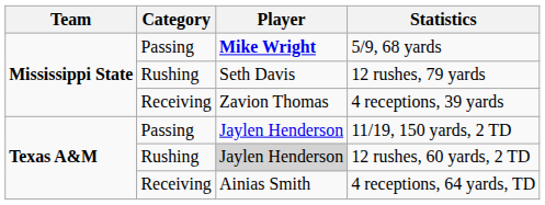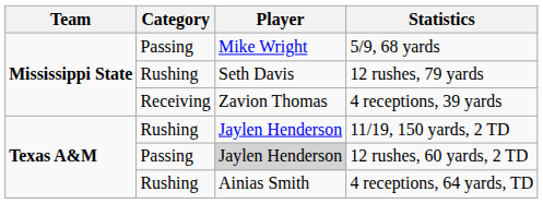 <table class="wikitable" style="float: right;">
 <tr>
 <th>Team</th>
 <th>Category</th>
 <th>Player</th>
 <th>Statistics</th>
 </tr>
 <tr>
 <td rowspan=3><strong>Mississippi State</strong></td>
 <td>Passing</td>
-<td><strong><a href='#'>Mike Wright</a></strong></td>
+<td><a href='#'>Mike Wright</a></td>
 <td>5/9, 68 yards</td>
 </tr>
 <tr>
 <td>Rushing</td>
 <td>Seth Davis</td>
 <td>12 rushes, 79 yards</td>
 </tr>
 <tr>
 <td>Receiving</td>
 <td>Zavion Thomas</td>
 <td>4 receptions, 39 yards</td>
 </tr>
 <tr>
 <td rowspan=3><strong>Texas A&M</strong></td>
-<td>Passing</td>
+<td>Rushing</td>
 <td><a href='#'>Jaylen Henderson</a></td>
 <td>11/19, 150 yards, 2 TD</td>
 </tr>
 <tr>
-<td>Rushing</td>
+<td>Passing</td>
 <td style="background: lightgrey;">Jaylen Henderson</td>
 <td>12 rushes, 60 yards, 2 TD</td>
 </tr>
 <tr>
-<td>Receiving</td>
+<td>Rushing</td>
 <td>Ainias Smith</td>
 <td>4 receptions, 64 yards, TD</td>
 </tr>
 </table>
